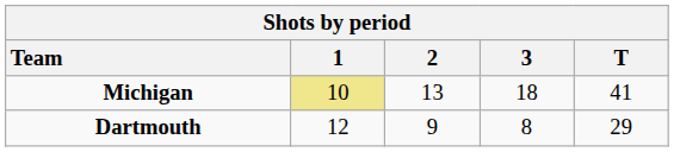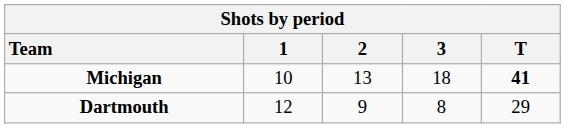 <table class="wikitable" style="width:30em; text-align:right;">
 <tr>
 <th colspan=5>Shots by period</th>
 </tr>
 <tr>
 <th style="width:10em; text-align:left;">Team</th>
 <th style="width:3em;">1</th>
 <th style="width:3em;">2</th>
 <th style="width:3em;">3</th>
 <th style="width:3em;">T</th>
 </tr>
 <tr>
 <td align=center><strong>Michigan</strong></td>
-<td align=center style="background: khaki;">10</td>
+<td align=center>10</td>
 <td align=center>13</td>
 <td align=center>18</td>
-<td align=center>41</td>
+<td align=center><strong>41</strong></td>
 </tr>
 <tr>
 <td align=center><strong>Dartmouth</strong></td>
 <td align=center>12</td>
 <td align=center>9</td>
 <td align=center>8</td>
 <td align=center>29</td>
 </tr>
 </table>
